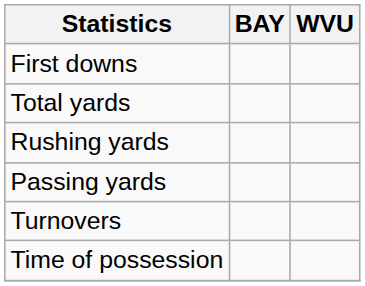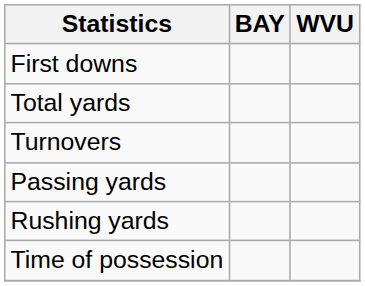 <table class="wikitable">
 <tr>
 <th>Statistics</th>
 <th>BAY</th>
 <th>WVU</th>
 </tr>
 <tr>
 <td>First downs</td>
 <td></td>
 <td></td>
 </tr>
 <tr>
 <td>Total yards</td>
 <td></td>
 <td></td>
 </tr>
 <tr>
-<td>Rushing yards</td>
+<td>Turnovers</td>
 <td></td>
 <td></td>
 </tr>
 <tr>
 <td>Passing yards</td>
 <td></td>
 <td></td>
 </tr>
 <tr>
-<td>Turnovers</td>
+<td>Rushing yards</td>
 <td></td>
 <td></td>
 </tr>
 <tr>
 <td>Time of possession</td>
 <td></td>
 <td></td>
 </tr>
 <tr>
 </tr>
 </table>
